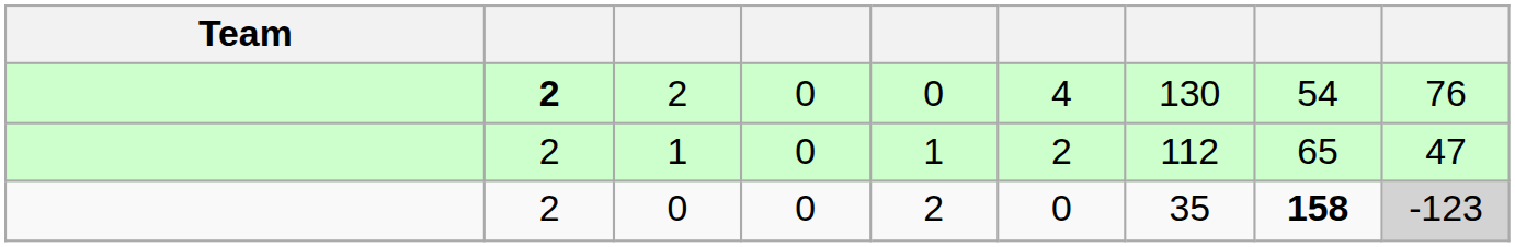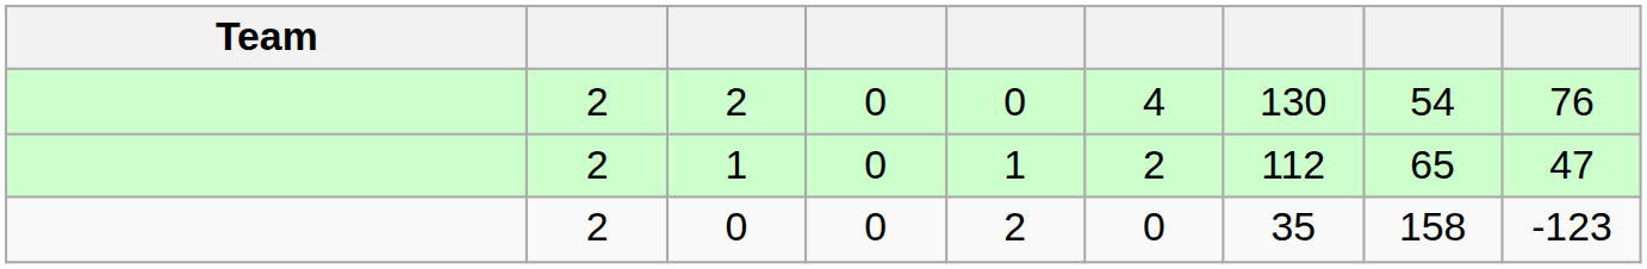 <table class=wikitable style="text-align: center;">
 <tr>
 <th style="width: 12.5em;" scope="col">Team</th>
 <th style="width: 3em;" scope="col"></th>
 <th style="width: 3em;" scope="col"></th>
 <th style="width: 3em;" scope="col"></th>
 <th style="width: 3em;" scope="col"></th>
 <th style="width: 3em;" scope="col"></th>
 <th style="width: 3em;" scope="col"></th>
 <th style="width: 3em;" scope="col"></th>
 <th style="width: 3em;" scope="col"></th>
 </tr>
 <tr style="background-color: #cfc;">
 <td style="text-align: left;"></td>
-<td><strong>2</strong></td>
+<td>2</td>
 <td>2</td>
 <td>0</td>
 <td>0</td>
 <td>4</td>
 <td>130</td>
 <td>54</td>
 <td>76</td>
 </tr>
 <tr style="background-color: #cfc;">
 <td style="text-align: left;"></td>
 <td>2</td>
 <td>1</td>
 <td>0</td>
 <td>1</td>
 <td>2</td>
 <td>112</td>
 <td>65</td>
 <td>47</td>
 </tr>
 <tr>
 <td style="text-align: left;"></td>
 <td>2</td>
 <td>0</td>
 <td>0</td>
 <td>2</td>
 <td>0</td>
 <td>35</td>
-<td><strong>158</strong></td>
-<td style="background: lightgrey;">-123</td>
+<td>158</td>
+<td>-123</td>
 </tr>
 </table>
